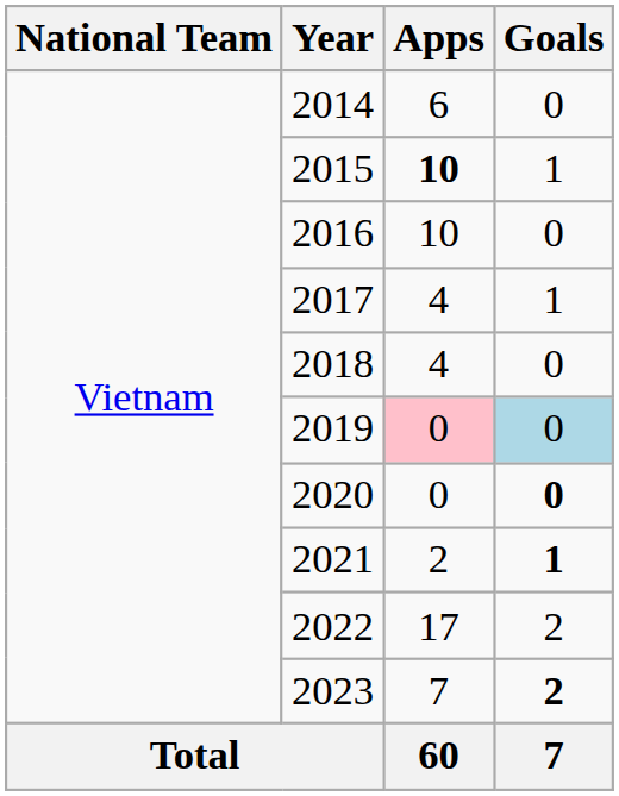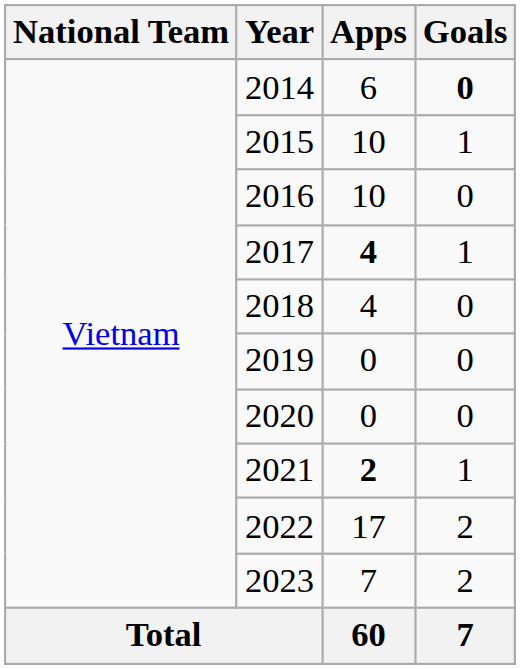 <table class="wikitable" style="text-align:center">
 <tr>
 <th>National Team</th>
 <th>Year</th>
 <th>Apps</th>
 <th>Goals</th>
 </tr>
 <tr>
 <td rowspan="10"><a href='#'>Vietnam</a></td>
 <td>2014</td>
 <td>6</td>
-<td>0</td>
+<td><strong>0</strong></td>
 </tr>
 <tr>
 <td>2015</td>
-<td><strong>10</strong></td>
+<td>10</td>
 <td>1</td>
 </tr>
 <tr>
 <td>2016</td>
 <td>10</td>
 <td>0</td>
 </tr>
 <tr>
 <td>2017</td>
-<td>4</td>
+<td><strong>4</strong></td>
 <td>1</td>
 </tr>
 <tr>
 <td>2018</td>
 <td>4</td>
 <td>0</td>
 </tr>
 <tr>
 <td>2019</td>
-<td style="background: pink;">0</td>
-<td style="background: lightblue;">0</td>
+<td>0</td>
+<td>0</td>
 </tr>
 <tr>
 <td>2020</td>
 <td>0</td>
-<td><strong>0</strong></td>
+<td>0</td>
 </tr>
 <tr>
 <td>2021</td>
-<td>2</td>
-<td><strong>1</strong></td>
+<td><strong>2</strong></td>
+<td>1</td>
 </tr>
 <tr>
 <td>2022</td>
 <td>17</td>
 <td>2</td>
 </tr>
 <tr>
 <td>2023</td>
 <td>7</td>
-<td><strong>2</strong></td>
+<td>2</td>
 </tr>
 <tr>
 <th colspan=2>Total</th>
 <th>60</th>
 <th>7</th>
 </tr>
 </table>
